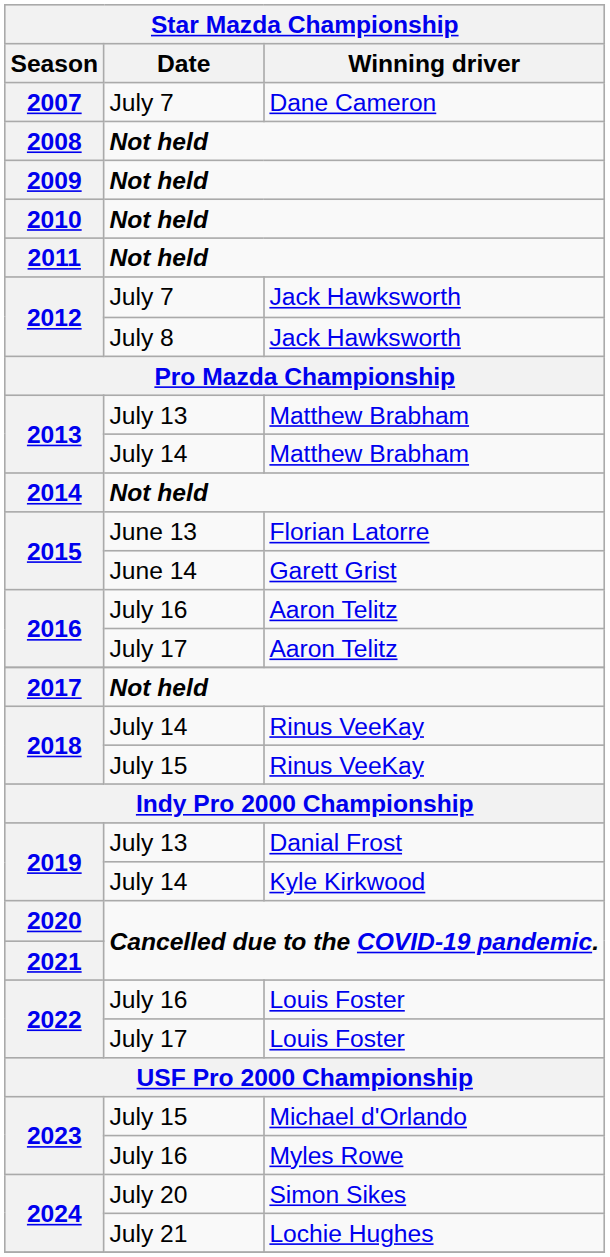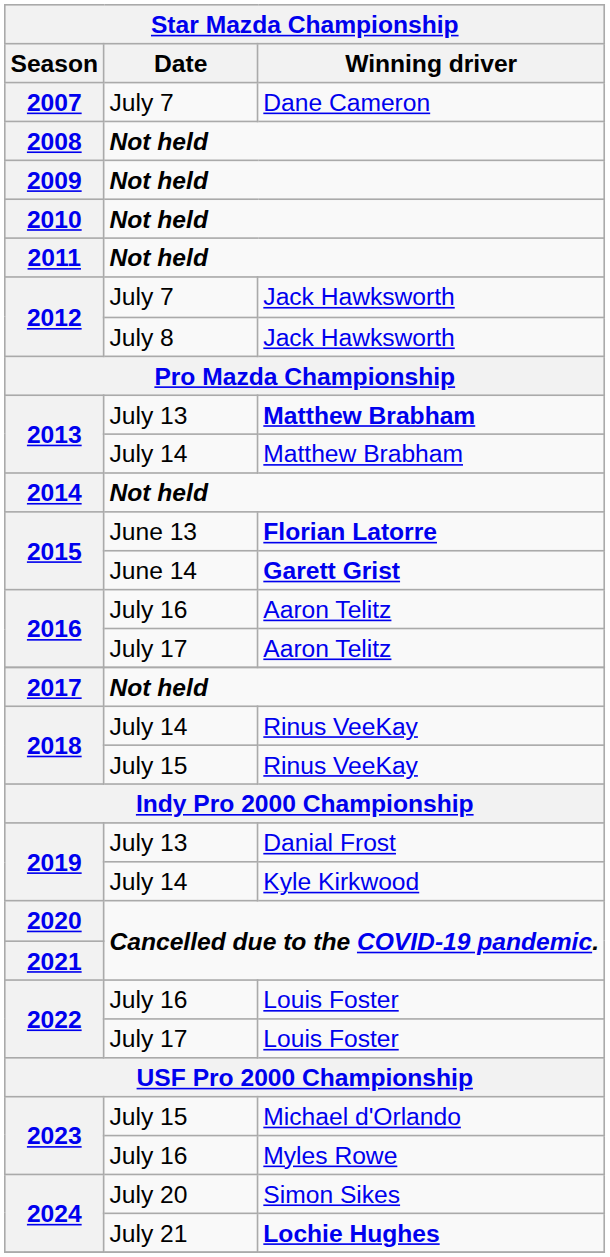 <table class="wikitable" style="font-size: 95%;">
 <tr>
 <th colspan="3"><a href='#'>Star Mazda Championship</a></th>
 </tr>
 <tr>
 <th>Season</th>
 <th>Date</th>
 <th>Winning driver</th>
 </tr>
 <tr>
 <th><a href='#'>2007</a></th>
 <td>July 7</td>
 <td> <a href='#'>Dane Cameron</a></td>
 </tr>
 <tr>
 <th><a href='#'>2008</a></th>
 <td colspan="2"><strong><em>Not held</em></strong></td>
 </tr>
 <tr>
 <th><a href='#'>2009</a></th>
 <td colspan="2"><strong><em>Not held</em></strong></td>
 </tr>
 <tr>
 <th><a href='#'>2010</a></th>
 <td colspan="2"><strong><em>Not held</em></strong></td>
 </tr>
 <tr>
 <th><a href='#'>2011</a></th>
 <td colspan="2"><strong><em>Not held</em></strong></td>
 </tr>
 <tr>
 <th rowspan="2"><a href='#'>2012</a></th>
 <td>July 7</td>
 <td> <a href='#'>Jack Hawksworth</a></td>
 </tr>
 <tr>
 <td>July 8</td>
 <td> <a href='#'>Jack Hawksworth</a></td>
 </tr>
 <tr>
 <th colspan="3"><a href='#'>Pro Mazda Championship</a></th>
 </tr>
 <tr>
 <th rowspan="2"><a href='#'>2013</a></th>
 <td>July 13</td>
-<td> <a href='#'>Matthew Brabham</a></td>
+<td><strong> <a href='#'>Matthew Brabham</a></strong></td>
 </tr>
 <tr>
 <td>July 14</td>
 <td> <a href='#'>Matthew Brabham</a></td>
 </tr>
 <tr>
 <th><a href='#'>2014</a></th>
 <td colspan="2"><strong><em>Not held</em></strong></td>
 </tr>
 <tr>
 <th rowspan="2"><a href='#'>2015</a></th>
 <td>June 13</td>
-<td> <a href='#'>Florian Latorre</a></td>
+<td><strong> <a href='#'>Florian Latorre</a></strong></td>
 </tr>
 <tr>
 <td>June 14</td>
-<td> <a href='#'>Garett Grist</a></td>
+<td><strong> <a href='#'>Garett Grist</a></strong></td>
 </tr>
 <tr>
 <th rowspan="2"><a href='#'>2016</a></th>
 <td>July 16</td>
 <td> <a href='#'>Aaron Telitz</a></td>
 </tr>
 <tr>
 <td>July 17</td>
 <td> <a href='#'>Aaron Telitz</a></td>
 </tr>
 <tr>
 </tr>
 <tr>
 <th><a href='#'>2017</a></th>
 <td colspan="2"><strong><em>Not held</em></strong></td>
 </tr>
 <tr>
 <th rowspan="2"><a href='#'>2018</a></th>
 <td>July 14</td>
 <td> <a href='#'>Rinus VeeKay</a></td>
 </tr>
 <tr>
 <td>July 15</td>
 <td> <a href='#'>Rinus VeeKay</a></td>
 </tr>
 <tr>
 <th colspan="3"><a href='#'>Indy Pro 2000 Championship</a></th>
 </tr>
 <tr>
 <th rowspan="2"><a href='#'>2019</a></th>
 <td>July 13</td>
 <td> <a href='#'>Danial Frost</a></td>
 </tr>
 <tr>
 <td>July 14</td>
 <td> <a href='#'>Kyle Kirkwood</a></td>
 </tr>
 <tr>
 <th><a href='#'>2020</a></th>
 <td rowspan=2 colspan=2><strong><em>Cancelled due to the <a href='#'>COVID-19 pandemic</a>.</em></strong></td>
 </tr>
 <tr>
 <th><a href='#'>2021</a></th>
 </tr>
 <tr>
 <th rowspan="2"><a href='#'>2022</a></th>
 <td>July 16</td>
 <td> <a href='#'>Louis Foster</a></td>
 </tr>
 <tr>
 <td>July 17</td>
 <td> <a href='#'>Louis Foster</a></td>
 </tr>
 <tr>
 <th colspan="3"><a href='#'>USF Pro 2000 Championship</a></th>
 </tr>
 <tr>
 <th rowspan="2"><a href='#'>2023</a></th>
 <td>July 15</td>
 <td> <a href='#'>Michael d'Orlando</a></td>
 </tr>
 <tr>
 <td>July 16</td>
 <td> <a href='#'>Myles Rowe</a></td>
 </tr>
 <tr>
 <th rowspan="2"><a href='#'>2024</a></th>
 <td>July 20</td>
 <td> <a href='#'>Simon Sikes</a></td>
 </tr>
 <tr>
 <td>July 21</td>
-<td> <a href='#'>Lochie Hughes</a></td>
+<td><strong> <a href='#'>Lochie Hughes</a></strong></td>
 </tr>
 <tr>
 </tr>
 </table>
